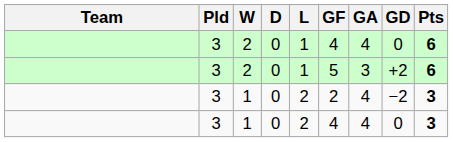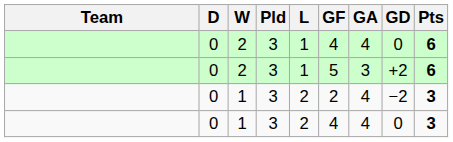 <table class="wikitable" style="text-align:center;">
 <tr>
 <th width=180>Team</th>
+<th width=20>D</th>
+<th width=20>W</th>
 <th width=20>Pld</th>
-<th width=20>W</th>
-<th width=20>D</th>
 <th width=20>L</th>
 <th width=20>GF</th>
 <th width=20>GA</th>
 <th width=20>GD</th>
 <th width=20>Pts</th>
 </tr>
 <tr bgcolor="ccffcc">
 <td align="left"></td>
+<td>0</td>
+<td>2</td>
 <td>3</td>
-<td>2</td>
-<td>0</td>
 <td>1</td>
 <td>4</td>
 <td>4</td>
 <td>0</td>
 <td><strong>6</strong></td>
 </tr>
 <tr bgcolor="ccffcc">
 <td align="left"></td>
+<td>0</td>
+<td>2</td>
 <td>3</td>
-<td>2</td>
-<td>0</td>
 <td>1</td>
 <td>5</td>
 <td>3</td>
 <td>+2</td>
 <td><strong>6</strong></td>
 </tr>
 <tr>
 <td align="left"></td>
+<td>0</td>
+<td>1</td>
 <td>3</td>
-<td>1</td>
-<td>0</td>
 <td>2</td>
 <td>2</td>
 <td>4</td>
 <td>−2</td>
 <td><strong>3</strong></td>
 </tr>
 <tr>
 <td align="left"></td>
+<td>0</td>
+<td>1</td>
 <td>3</td>
-<td>1</td>
-<td>0</td>
 <td>2</td>
 <td>4</td>
 <td>4</td>
 <td>0</td>
 <td><strong>3</strong></td>
 </tr>
 </table>
